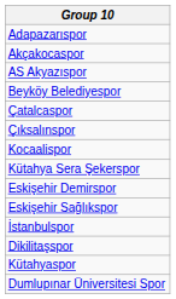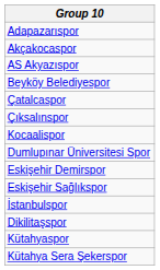 <table class="wikitable collapsible collapsed" style="font-size:95%;">
 <tr>
 <th colspan="1" width="200"><em>Group 10</em></th>
 </tr>
 <tr>
 <td><a href='#'>Adapazarıspor</a></td>
 </tr>
 <tr>
 <td><a href='#'>Akçakocaspor</a></td>
 </tr>
 <tr>
 <td><a href='#'>AS Akyazıspor</a></td>
 </tr>
 <tr>
 <td><a href='#'>Beyköy Belediyespor</a></td>
 </tr>
 <tr>
 <td><a href='#'>Çatalcaspor</a></td>
 </tr>
 <tr>
 <td><a href='#'>Çıksalınspor</a></td>
 </tr>
 <tr>
 <td><a href='#'>Kocaalispor</a></td>
 </tr>
 <tr>
-<td><a href='#'>Kütahya Sera Şekerspor</a></td>
+<td><a href='#'>Dumlupınar Üniversitesi Spor</a></td>
 </tr>
 <tr>
 <td><a href='#'>Eskişehir Demirspor</a></td>
 </tr>
 <tr>
 <td><a href='#'>Eskişehir Sağlıkspor</a></td>
 </tr>
 <tr>
 <td><a href='#'>İstanbulspor</a></td>
 </tr>
 <tr>
 <td><a href='#'>Dikilitaşspor</a></td>
 </tr>
 <tr>
 <td><a href='#'>Kütahyaspor</a></td>
 </tr>
 <tr>
-<td><a href='#'>Dumlupınar Üniversitesi Spor</a></td>
+<td><a href='#'>Kütahya Sera Şekerspor</a></td>
 </tr>
 </table>
